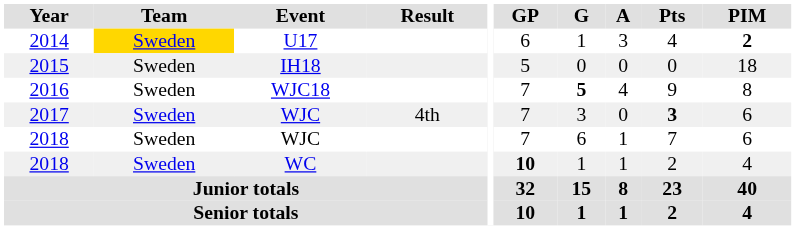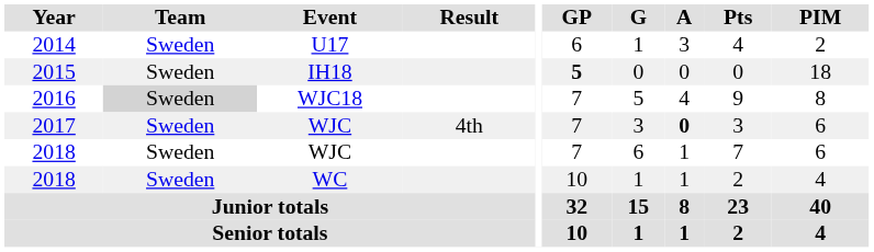 <table border="0" cellpadding="1" cellspacing="0" ID="Table3" style="text-align:center; width:40em;">
 <tr bgcolor="#e0e0e0">
 <th>Year</th>
 <th>Team</th>
 <th>Event</th>
 <th>Result</th>
 <th rowspan="99" bgcolor="#ffffff"></th>
 <th>GP</th>
 <th>G</th>
 <th>A</th>
 <th>Pts</th>
 <th>PIM</th>
 </tr>
 <tr>
 <td><a href='#'>2014</a></td>
-<td style="background: gold;"><a href='#'>Sweden</a></td>
+<td><a href='#'>Sweden</a></td>
 <td><a href='#'>U17</a></td>
 <td></td>
 <td>6</td>
 <td>1</td>
 <td>3</td>
 <td>4</td>
-<td><strong>2</strong></td>
+<td>2</td>
 </tr>
 <tr bgcolor="#f0f0f0">
 <td><a href='#'>2015</a></td>
 <td>Sweden</td>
 <td><a href='#'>IH18</a></td>
 <td></td>
-<td>5</td>
+<td><strong>5</strong></td>
 <td>0</td>
 <td>0</td>
 <td>0</td>
 <td>18</td>
 </tr>
 <tr>
 <td><a href='#'>2016</a></td>
-<td>Sweden</td>
+<td style="background: lightgrey;">Sweden</td>
 <td><a href='#'>WJC18</a></td>
 <td></td>
 <td>7</td>
-<td><strong>5</strong></td>
+<td>5</td>
 <td>4</td>
 <td>9</td>
 <td>8</td>
 </tr>
 <tr bgcolor="#f0f0f0">
 <td><a href='#'>2017</a></td>
 <td><a href='#'>Sweden</a></td>
 <td><a href='#'>WJC</a></td>
 <td>4th</td>
 <td>7</td>
 <td>3</td>
-<td>0</td>
-<td><strong>3</strong></td>
+<td><strong>0</strong></td>
+<td>3</td>
 <td>6</td>
 </tr>
 <tr>
 <td><a href='#'>2018</a></td>
 <td>Sweden</td>
 <td>WJC</td>
 <td></td>
 <td>7</td>
 <td>6</td>
 <td>1</td>
 <td>7</td>
 <td>6</td>
 </tr>
 <tr bgcolor="#f0f0f0">
 <td><a href='#'>2018</a></td>
 <td><a href='#'>Sweden</a></td>
 <td><a href='#'>WC</a></td>
 <td></td>
-<td><strong>10</strong></td>
+<td>10</td>
 <td>1</td>
 <td>1</td>
 <td>2</td>
 <td>4</td>
 </tr>
 <tr bgcolor="#e0e0e0">
 <th colspan="4">Junior totals</th>
 <th>32</th>
 <th>15</th>
 <th>8</th>
 <th>23</th>
 <th>40</th>
 </tr>
 <tr bgcolor="#e0e0e0">
 <th colspan="4">Senior totals</th>
 <th>10</th>
 <th>1</th>
 <th>1</th>
 <th>2</th>
 <th>4</th>
 </tr>
 </table>
